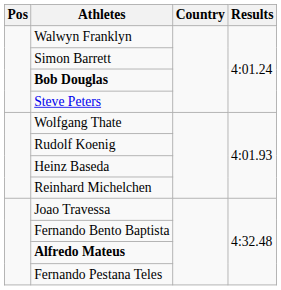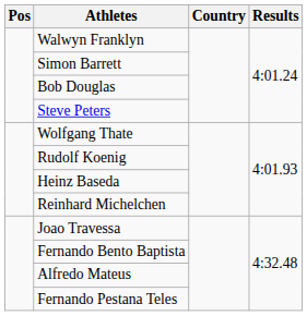 <table class="wikitable">
 <tr>
 <th>Pos</th>
 <th>Athletes</th>
 <th>Country</th>
 <th>Results</th>
 </tr>
 <tr>
 <td rowspan="4"></td>
 <td>Walwyn Franklyn</td>
 <td rowspan="4"></td>
 <td rowspan="4">4:01.24</td>
 </tr>
 <tr>
 <td>Simon Barrett</td>
 </tr>
 <tr>
-<td><strong>Bob Douglas</strong></td>
+<td>Bob Douglas</td>
 </tr>
 <tr>
 <td><a href='#'>Steve Peters</a></td>
 </tr>
 <tr>
 <td rowspan="4"></td>
 <td>Wolfgang Thate</td>
 <td rowspan="4"></td>
 <td rowspan="4">4:01.93</td>
 </tr>
 <tr>
 <td>Rudolf Koenig</td>
 </tr>
 <tr>
 <td>Heinz Baseda</td>
 </tr>
 <tr>
 <td>Reinhard Michelchen</td>
 </tr>
 <tr>
 <td rowspan="4"></td>
 <td>Joao Travessa</td>
 <td rowspan="4"></td>
 <td rowspan="4">4:32.48</td>
 </tr>
 <tr>
 <td>Fernando Bento Baptista</td>
 </tr>
 <tr>
-<td><strong>Alfredo Mateus</strong></td>
+<td>Alfredo Mateus</td>
 </tr>
 <tr>
 <td>Fernando Pestana Teles</td>
 </tr>
 </table>
